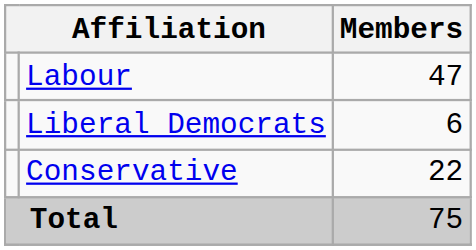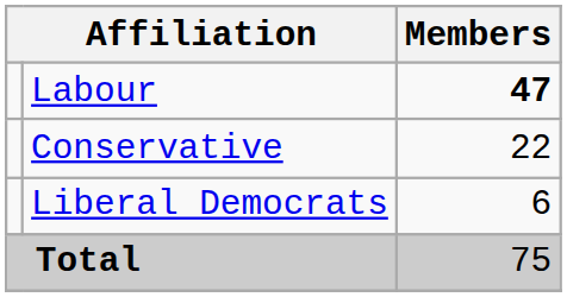 <table class="wikitable">
 <tr>
 <th colspan="2">Affiliation</th>
 <th>Members</th>
 </tr>
 <tr>
 <td style="color:inherit;background:"></td>
 <td><a href='#'>Labour</a></td>
-<td align="right">47</td>
+<td align="right"><strong>47</strong></td>
+</tr>
+<tr>
+<td style="color:inherit;background:"></td>
+<td><a href='#'>Conservative</a></td>
+<td align="right">22</td>
 </tr>
 <tr>
 <td style="color:inherit;background:"></td>
 <td><a href='#'>Liberal Democrats</a></td>
 <td align="right">6</td>
-</tr>
-<tr>
-<td style="color:inherit;background:"></td>
-<td><a href='#'>Conservative</a></td>
-<td align="right">22</td>
 </tr>
 <tr bgcolor="CCCCCC">
 <td colspan="2" rowspan="1"> <strong>Total</strong></td>
 <td align="right">75</td>
 </tr>
 <tr>
 </tr>
 </table>
